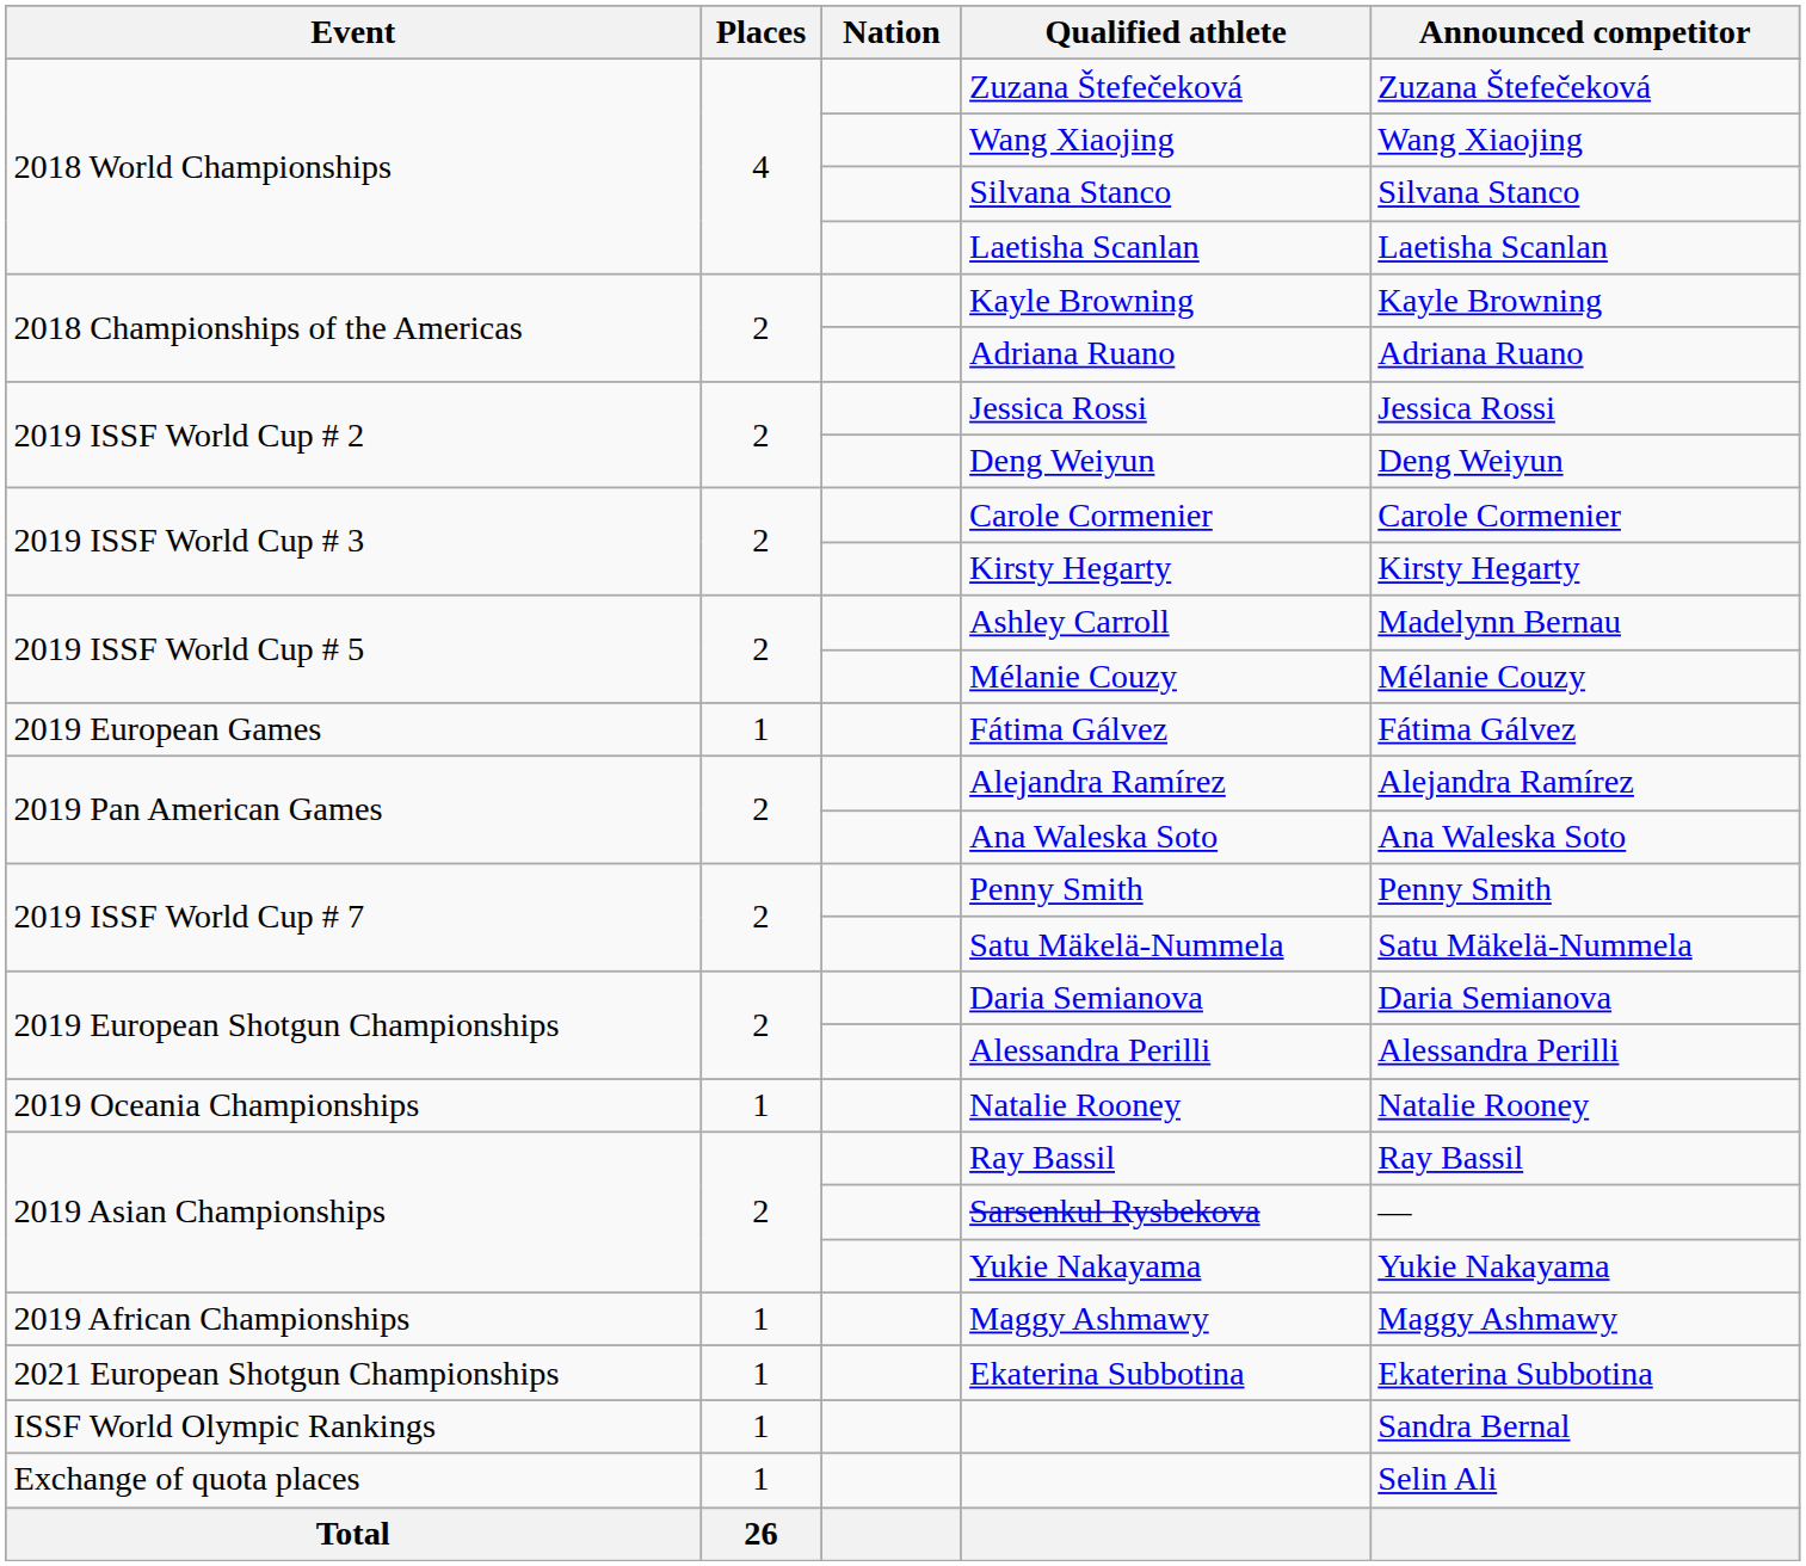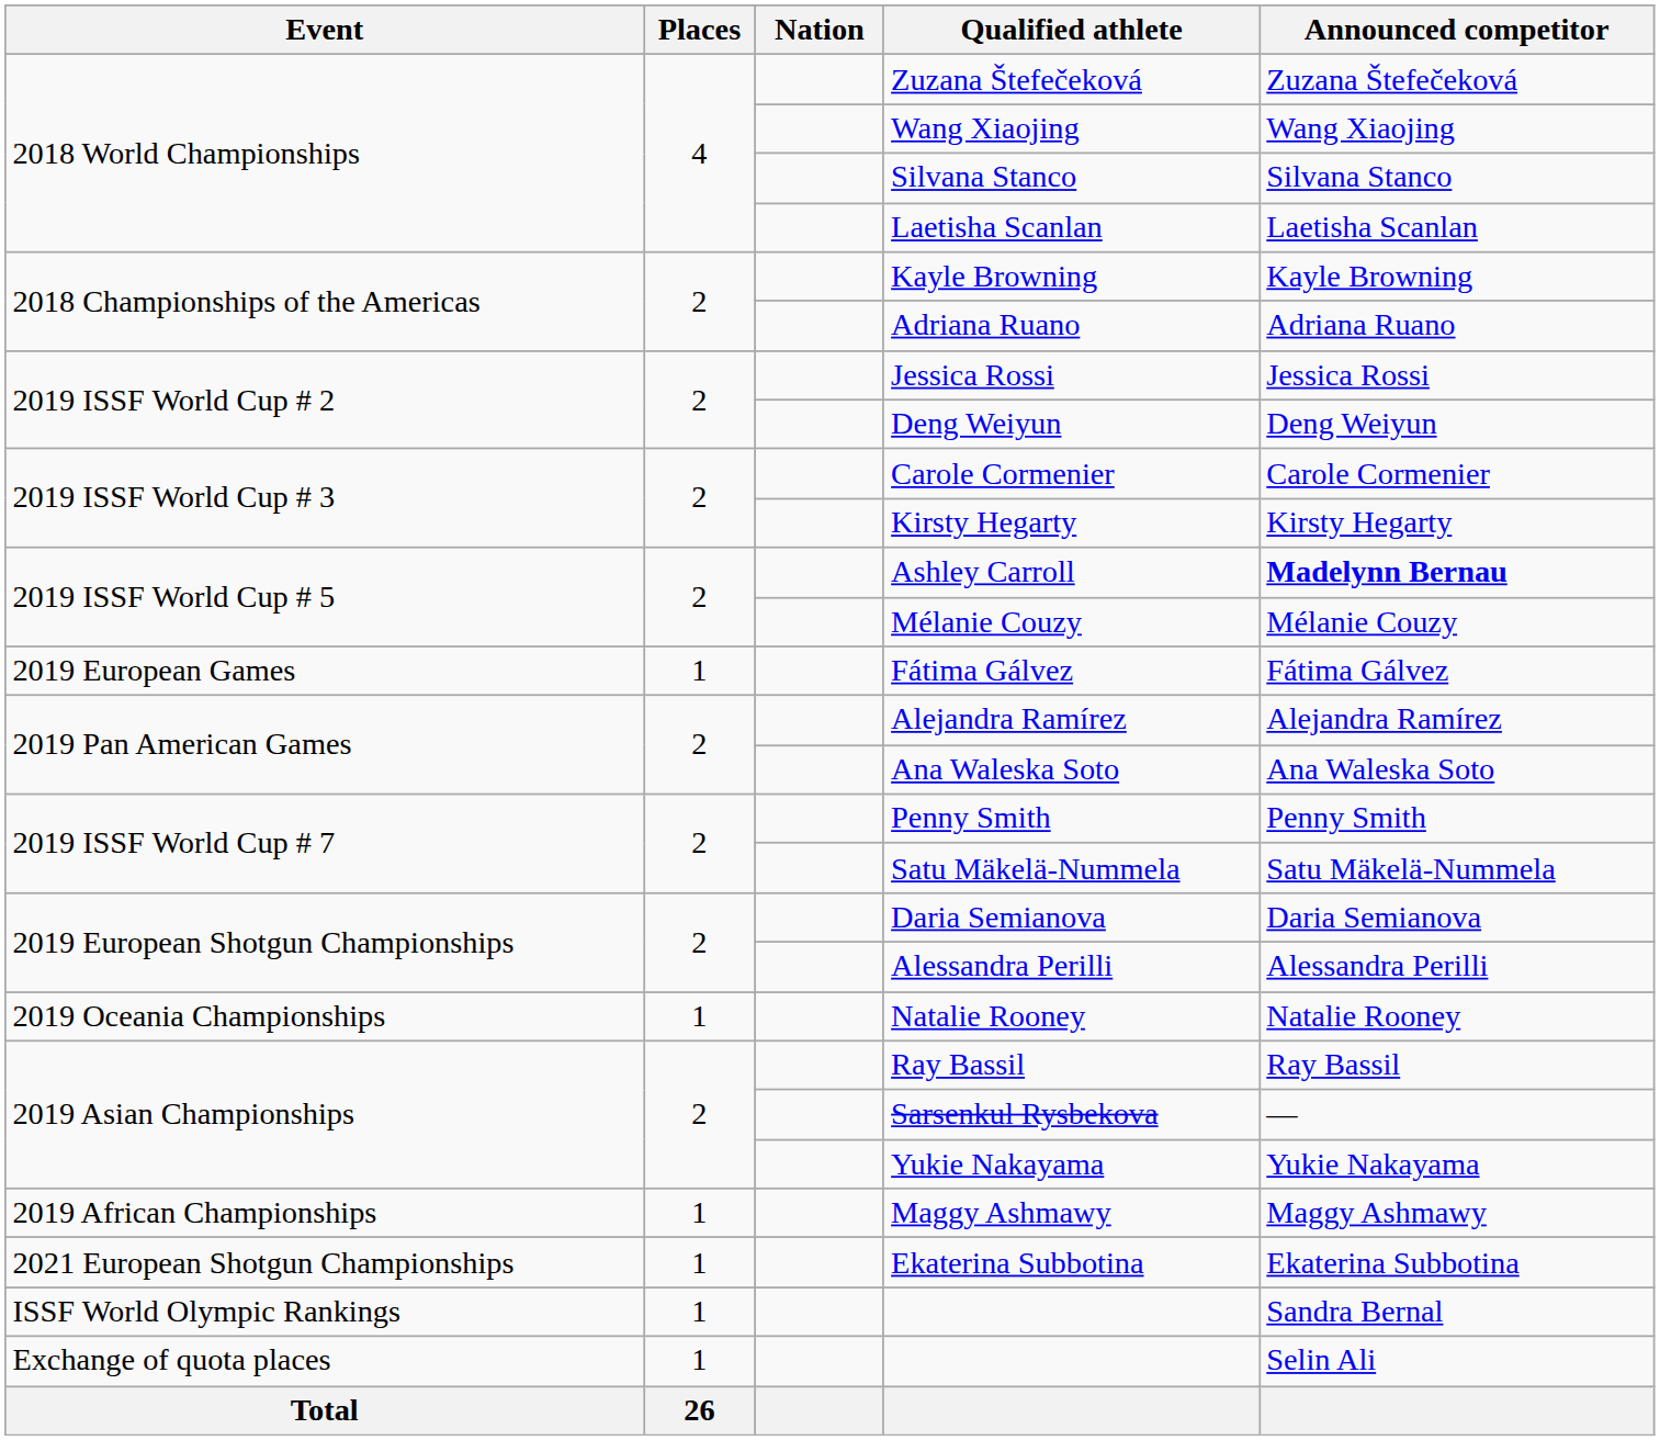 <table class=wikitable style="text-align:left" width=850>
 <tr>
 <th>Event</th>
 <th width=50>Places</th>
 <th>Nation</th>
 <th>Qualified athlete</th>
 <th>Announced competitor</th>
 </tr>
 <tr>
 <td rowspan="4">2018 World Championships</td>
 <td rowspan=4 align=center>4</td>
 <td></td>
 <td><a href='#'>Zuzana Štefečeková</a></td>
 <td><a href='#'>Zuzana Štefečeková</a></td>
 </tr>
 <tr>
 <td></td>
 <td><a href='#'>Wang Xiaojing</a></td>
 <td><a href='#'>Wang Xiaojing</a></td>
 </tr>
 <tr>
 <td></td>
 <td><a href='#'>Silvana Stanco</a></td>
 <td><a href='#'>Silvana Stanco</a></td>
 </tr>
 <tr>
 <td></td>
 <td><a href='#'>Laetisha Scanlan</a></td>
 <td><a href='#'>Laetisha Scanlan</a></td>
 </tr>
 <tr>
 <td rowspan=2>2018 Championships of the Americas</td>
 <td rowspan=2 align=center>2</td>
 <td></td>
 <td><a href='#'>Kayle Browning</a></td>
 <td><a href='#'>Kayle Browning</a></td>
 </tr>
 <tr>
 <td></td>
 <td><a href='#'>Adriana Ruano</a></td>
 <td><a href='#'>Adriana Ruano</a></td>
 </tr>
 <tr>
 <td rowspan="2">2019 ISSF World Cup # 2</td>
 <td rowspan=2 align=center>2</td>
 <td></td>
 <td><a href='#'>Jessica Rossi</a></td>
 <td><a href='#'>Jessica Rossi</a></td>
 </tr>
 <tr>
 <td></td>
 <td><a href='#'>Deng Weiyun</a></td>
 <td><a href='#'>Deng Weiyun</a></td>
 </tr>
 <tr>
 <td rowspan="2">2019 ISSF World Cup # 3</td>
 <td rowspan=2 align=center>2</td>
 <td></td>
 <td><a href='#'>Carole Cormenier</a></td>
 <td><a href='#'>Carole Cormenier</a></td>
 </tr>
 <tr>
 <td></td>
 <td><a href='#'>Kirsty Hegarty</a></td>
 <td><a href='#'>Kirsty Hegarty</a></td>
 </tr>
 <tr>
 <td rowspan="2">2019 ISSF World Cup # 5</td>
 <td rowspan=2 align=center>2</td>
 <td></td>
 <td><a href='#'>Ashley Carroll</a></td>
-<td><a href='#'>Madelynn Bernau</a></td>
+<td><strong><a href='#'>Madelynn Bernau</a></strong></td>
 </tr>
 <tr>
 <td></td>
 <td><a href='#'>Mélanie Couzy</a></td>
 <td><a href='#'>Mélanie Couzy</a></td>
 </tr>
 <tr>
 <td>2019 European Games</td>
 <td align=center>1</td>
 <td></td>
 <td><a href='#'>Fátima Gálvez</a></td>
 <td><a href='#'>Fátima Gálvez</a></td>
 </tr>
 <tr>
 <td rowspan="2">2019 Pan American Games</td>
 <td rowspan=2 align=center>2</td>
 <td></td>
 <td><a href='#'>Alejandra Ramírez</a></td>
 <td><a href='#'>Alejandra Ramírez</a></td>
 </tr>
 <tr>
 <td></td>
 <td><a href='#'>Ana Waleska Soto</a></td>
 <td><a href='#'>Ana Waleska Soto</a></td>
 </tr>
 <tr>
 <td rowspan="2">2019 ISSF World Cup # 7</td>
 <td rowspan=2 align=center>2</td>
 <td></td>
 <td><a href='#'>Penny Smith</a></td>
 <td><a href='#'>Penny Smith</a></td>
 </tr>
 <tr>
 <td></td>
 <td><a href='#'>Satu Mäkelä-Nummela</a></td>
 <td><a href='#'>Satu Mäkelä-Nummela</a></td>
 </tr>
 <tr>
 <td rowspan="2">2019 European Shotgun Championships</td>
 <td rowspan=2 align=center>2</td>
 <td></td>
 <td><a href='#'>Daria Semianova</a></td>
 <td><a href='#'>Daria Semianova</a></td>
 </tr>
 <tr>
 <td></td>
 <td><a href='#'>Alessandra Perilli</a></td>
 <td><a href='#'>Alessandra Perilli</a></td>
 </tr>
 <tr>
 <td>2019 Oceania Championships</td>
 <td align=center>1</td>
 <td></td>
 <td><a href='#'>Natalie Rooney</a></td>
 <td><a href='#'>Natalie Rooney</a></td>
 </tr>
 <tr>
 <td rowspan=3>2019 Asian Championships</td>
 <td rowspan=3 align=center>2</td>
 <td></td>
 <td><a href='#'>Ray Bassil</a></td>
 <td><a href='#'>Ray Bassil</a></td>
 </tr>
 <tr>
 <td><s></s></td>
 <td><a href='#'><s>Sarsenkul Rysbekova</s></a></td>
 <td>—</td>
 </tr>
 <tr>
 <td></td>
 <td><a href='#'>Yukie Nakayama</a></td>
 <td><a href='#'>Yukie Nakayama</a></td>
 </tr>
 <tr>
 <td>2019 African Championships</td>
 <td align=center>1</td>
 <td></td>
 <td><a href='#'>Maggy Ashmawy</a></td>
 <td><a href='#'>Maggy Ashmawy</a></td>
 </tr>
 <tr>
 <td>2021 European Shotgun Championships</td>
 <td align=center>1</td>
 <td></td>
 <td><a href='#'>Ekaterina Subbotina</a></td>
 <td><a href='#'>Ekaterina Subbotina</a></td>
 </tr>
 <tr>
 <td>ISSF World Olympic Rankings</td>
 <td align=center>1</td>
 <td></td>
 <td></td>
 <td><a href='#'>Sandra Bernal</a></td>
 </tr>
 <tr>
 <td>Exchange of quota places </td>
 <td align=center>1</td>
 <td></td>
 <td></td>
 <td><a href='#'>Selin Ali</a></td>
 </tr>
 <tr>
 <th>Total</th>
 <th>26</th>
 <th></th>
 <th></th>
 <th></th>
 </tr>
 </table>
